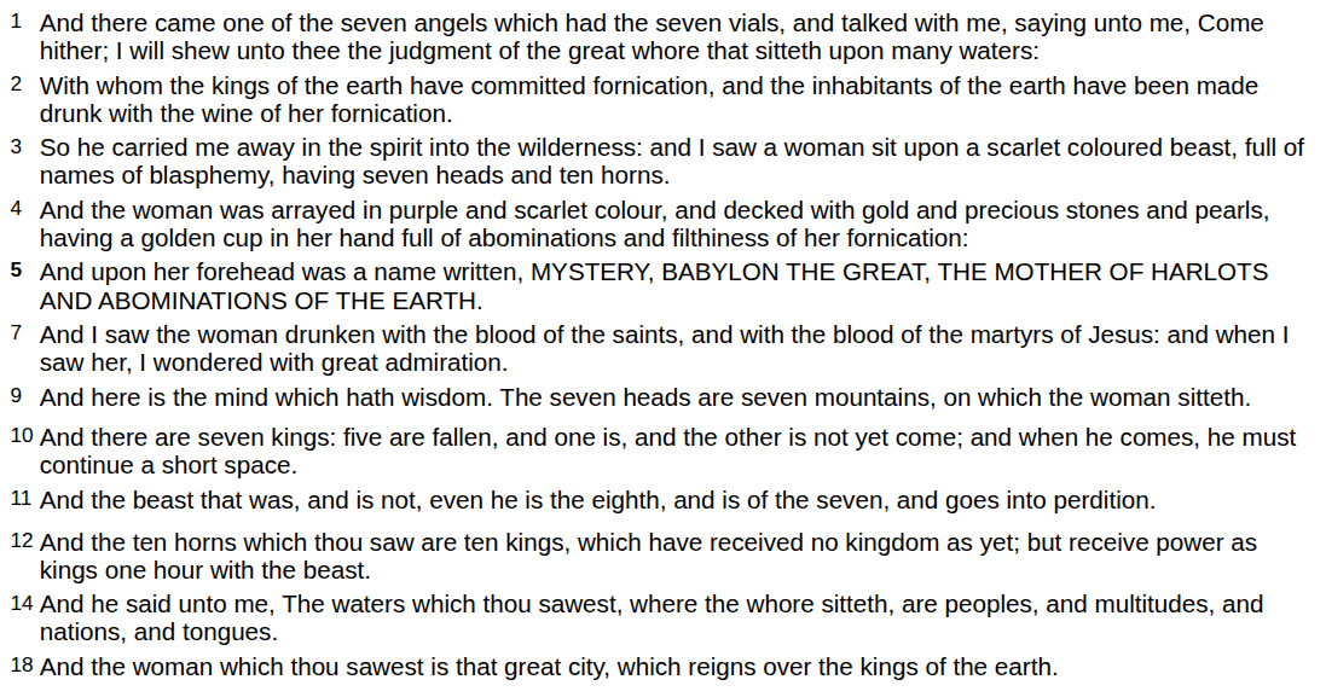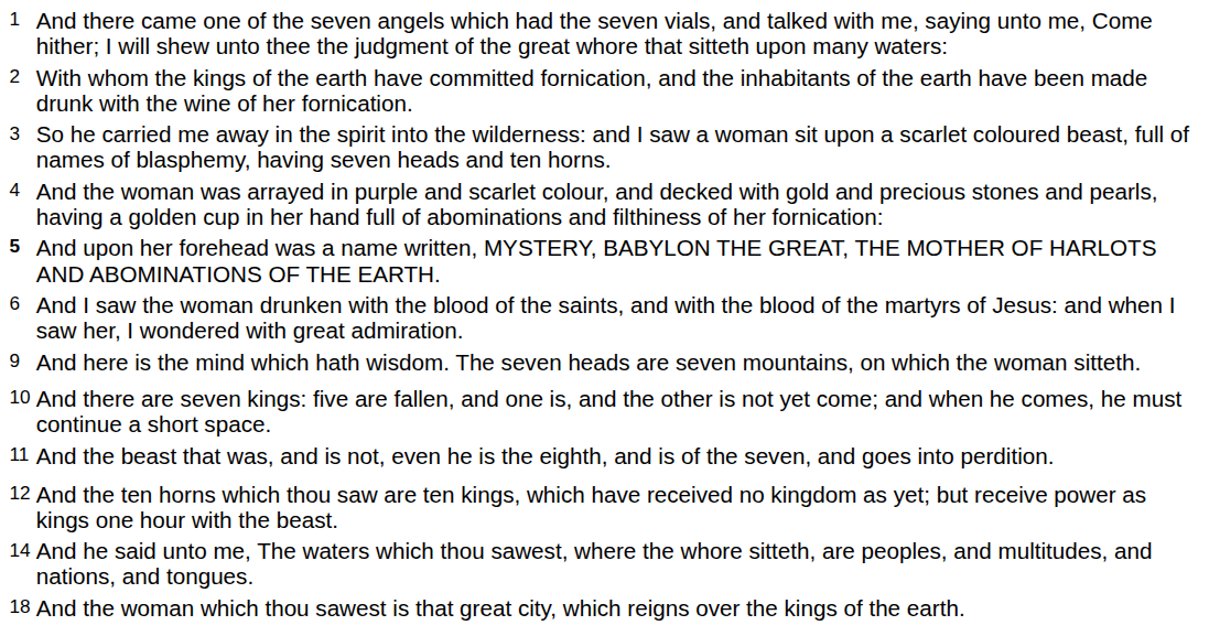 <table style="margin: 5px 0 5px 40px; background: white;">
 <tr style="vertical-align:top;">
 <td><sup>1</sup></td>
 <td>And there came one of the seven angels which had the seven vials, and talked with me, saying unto me, Come hither; I will shew unto thee the judgment of the great whore that sitteth upon many waters:</td>
 </tr>
 <tr style="vertical-align:top;">
 <td><sup>2</sup></td>
 <td>With whom the kings of the earth have committed fornication, and the inhabitants of the earth have been made drunk with the wine of her fornication.</td>
 </tr>
 <tr style="vertical-align:top;">
 <td><sup>3</sup></td>
 <td>So he carried me away in the spirit into the wilderness: and I saw a woman sit upon a scarlet coloured beast, full of names of blasphemy, having seven heads and ten horns.</td>
 </tr>
 <tr style="vertical-align:top;">
 <td><sup>4</sup></td>
 <td>And the woman was arrayed in purple and scarlet colour, and decked with gold and precious stones and pearls, having a golden cup in her hand full of abominations and filthiness of her fornication:</td>
 </tr>
 <tr style="vertical-align:top;">
 <td><strong><sup>5</sup></strong></td>
 <td>And upon her forehead was a name written, MYSTERY, BABYLON THE GREAT, THE MOTHER OF HARLOTS AND ABOMINATIONS OF THE EARTH.</td>
 </tr>
 <tr style="vertical-align:top;">
-<td><sup>7</sup></td>
+<td><sup>6</sup></td>
 <td>And I saw the woman drunken with the blood of the saints, and with the blood of the martyrs of Jesus: and when I saw her, I wondered with great admiration.</td>
 </tr>
 <tr style="vertical-align:top;">
 <td><sup>9</sup></td>
 <td>And here is the mind which hath wisdom. The seven heads are seven mountains, on which the woman sitteth.</td>
 </tr>
 <tr style="vertical-align:top;">
 <td><sup>10</sup></td>
 <td>And there are seven kings: five are fallen, and one is, and the other is not yet come; and when he comes, he must continue a short space.</td>
 </tr>
 <tr style="vertical-align:top;">
 <td><sup>11</sup></td>
 <td>And the beast that was, and is not, even he is the eighth, and is of the seven, and goes into perdition.</td>
 </tr>
 <tr style="vertical-align:top;">
 <td><sup>12</sup></td>
 <td>And the ten horns which thou saw are ten kings, which have received no kingdom as yet; but receive power as kings one hour with the beast.</td>
 </tr>
 <tr style="vertical-align:top;">
 <td><sup>14</sup></td>
 <td>And he said unto me, The waters which thou sawest, where the whore sitteth, are peoples, and multitudes, and nations, and tongues.</td>
 </tr>
 <tr style="vertical-align:top;">
 <td><sup>18</sup></td>
 <td>And the woman which thou sawest is that great city, which reigns over the kings of the earth.</td>
 </tr>
 </table>
